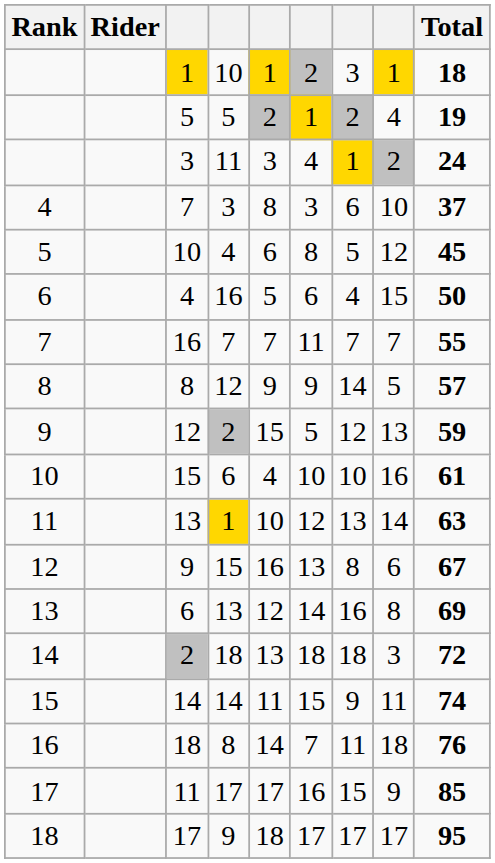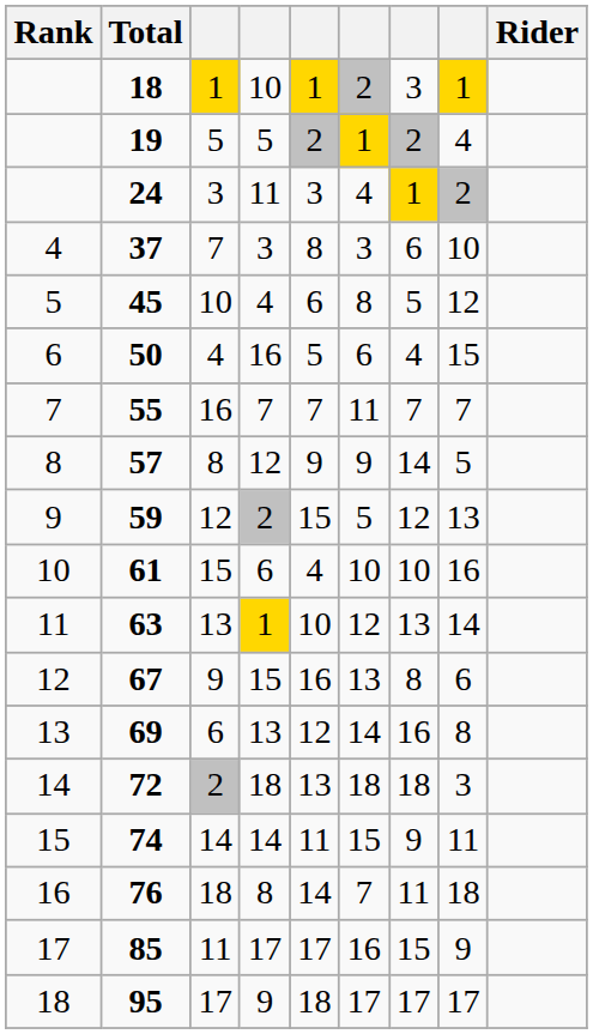 <table class="wikitable sortable" style="text-align:center">
 <tr>
 <th>Rank</th>
-<th>Rider</th>
+<th>Total</th>
 <th></th>
 <th></th>
 <th></th>
 <th></th>
 <th></th>
 <th></th>
-<th>Total</th>
+<th>Rider</th>
 </tr>
 <tr>
 <td></td>
-<td align=left></td>
+<td><strong>18</strong></td>
 <td bgcolor=gold>1</td>
 <td>10</td>
 <td bgcolor=gold>1</td>
 <td bgcolor=silver>2</td>
 <td>3</td>
 <td bgcolor=gold>1</td>
-<td><strong>18</strong></td>
+<td align=left></td>
 </tr>
 <tr>
 <td></td>
-<td align=left></td>
+<td><strong>19</strong></td>
 <td>5</td>
 <td>5</td>
 <td bgcolor=silver>2</td>
 <td bgcolor=gold>1</td>
 <td bgcolor=silver>2</td>
 <td>4</td>
-<td><strong>19</strong></td>
+<td align=left></td>
 </tr>
 <tr>
 <td></td>
-<td align=left></td>
+<td><strong>24</strong></td>
 <td>3</td>
 <td>11</td>
 <td>3</td>
 <td>4</td>
 <td bgcolor=gold>1</td>
 <td bgcolor=silver>2</td>
-<td><strong>24</strong></td>
+<td align=left></td>
 </tr>
 <tr>
 <td>4</td>
-<td align=left></td>
+<td><strong>37</strong></td>
 <td>7</td>
 <td>3</td>
 <td>8</td>
 <td>3</td>
 <td>6</td>
 <td>10</td>
-<td><strong>37</strong></td>
+<td align=left></td>
 </tr>
 <tr>
 <td>5</td>
-<td align=left></td>
+<td><strong>45</strong></td>
 <td>10</td>
 <td>4</td>
 <td>6</td>
 <td>8</td>
 <td>5</td>
 <td>12</td>
-<td><strong>45</strong></td>
+<td align=left></td>
 </tr>
 <tr>
 <td>6</td>
-<td align=left></td>
+<td><strong>50</strong></td>
 <td>4</td>
 <td>16</td>
 <td>5</td>
 <td>6</td>
 <td>4</td>
 <td>15</td>
-<td><strong>50</strong></td>
+<td align=left></td>
 </tr>
 <tr>
 <td>7</td>
-<td align=left></td>
+<td><strong>55</strong></td>
 <td>16</td>
 <td>7</td>
 <td>7</td>
 <td>11</td>
 <td>7</td>
 <td>7</td>
-<td><strong>55</strong></td>
+<td align=left></td>
 </tr>
 <tr>
 <td>8</td>
-<td align=left></td>
+<td><strong>57</strong></td>
 <td>8</td>
 <td>12</td>
 <td>9</td>
 <td>9</td>
 <td>14</td>
 <td>5</td>
-<td><strong>57</strong></td>
+<td align=left></td>
 </tr>
 <tr>
 <td>9</td>
-<td align=left></td>
+<td><strong>59</strong></td>
 <td>12</td>
 <td bgcolor=silver>2</td>
 <td>15</td>
 <td>5</td>
 <td>12</td>
 <td>13</td>
-<td><strong>59</strong></td>
+<td align=left></td>
 </tr>
 <tr>
 <td>10</td>
-<td align=left></td>
+<td><strong>61</strong></td>
 <td>15</td>
 <td>6</td>
 <td>4</td>
 <td>10</td>
 <td>10</td>
 <td>16</td>
-<td><strong>61</strong></td>
+<td align=left></td>
 </tr>
 <tr>
 <td>11</td>
-<td align=left></td>
+<td><strong>63</strong></td>
 <td>13</td>
 <td bgcolor=gold>1</td>
 <td>10</td>
 <td>12</td>
 <td>13</td>
 <td>14</td>
-<td><strong>63</strong></td>
+<td align=left></td>
 </tr>
 <tr>
 <td>12</td>
-<td align=left></td>
+<td><strong>67</strong></td>
 <td>9</td>
 <td>15</td>
 <td>16</td>
 <td>13</td>
 <td>8</td>
 <td>6</td>
-<td><strong>67</strong></td>
+<td align=left></td>
 </tr>
 <tr>
 <td>13</td>
-<td align=left></td>
+<td><strong>69</strong></td>
 <td>6</td>
 <td>13</td>
 <td>12</td>
 <td>14</td>
 <td>16</td>
 <td>8</td>
-<td><strong>69</strong></td>
+<td align=left></td>
 </tr>
 <tr>
 <td>14</td>
-<td align=left></td>
+<td><strong>72</strong></td>
 <td bgcolor=silver>2</td>
 <td>18</td>
 <td>13</td>
 <td>18</td>
 <td>18</td>
 <td>3</td>
-<td><strong>72</strong></td>
+<td align=left></td>
 </tr>
 <tr>
 <td>15</td>
-<td align=left></td>
+<td><strong>74</strong></td>
 <td>14</td>
 <td>14</td>
 <td>11</td>
 <td>15</td>
 <td>9</td>
 <td>11</td>
-<td><strong>74</strong></td>
+<td align=left></td>
 </tr>
 <tr>
 <td>16</td>
-<td align=left></td>
+<td><strong>76</strong></td>
 <td>18</td>
 <td>8</td>
 <td>14</td>
 <td>7</td>
 <td>11</td>
 <td>18</td>
-<td><strong>76</strong></td>
+<td align=left></td>
 </tr>
 <tr>
 <td>17</td>
-<td align=left></td>
+<td><strong>85</strong></td>
 <td>11</td>
 <td>17</td>
 <td>17</td>
 <td>16</td>
 <td>15</td>
 <td>9</td>
-<td><strong>85</strong></td>
+<td align=left></td>
 </tr>
 <tr>
 <td>18</td>
-<td align=left></td>
+<td><strong>95</strong></td>
 <td>17</td>
 <td>9</td>
 <td>18</td>
 <td>17</td>
 <td>17</td>
 <td>17</td>
-<td><strong>95</strong></td>
+<td align=left></td>
 </tr>
 </table>
